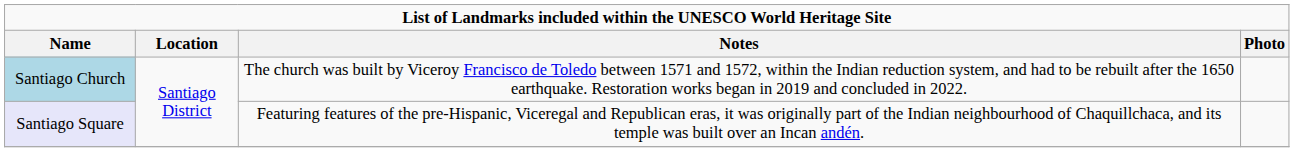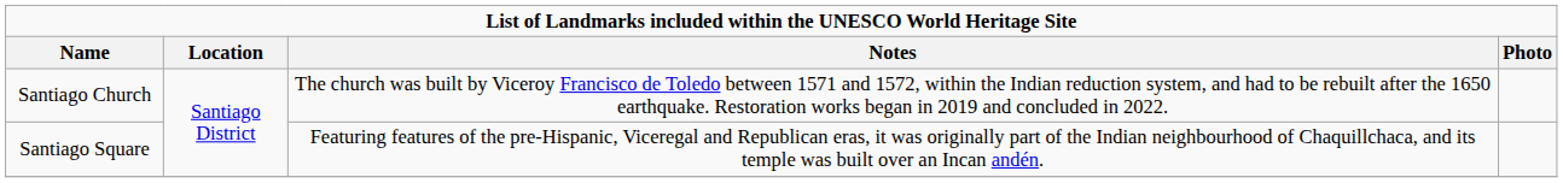 <table class="wikitable sortable mw-collapsible mw-collapsed" style="text-align:center" style="width:95%">
 <tr>
 <td colspan=4><div><strong>List of Landmarks included within the UNESCO World Heritage Site</strong></div></td>
 </tr>
 <tr>
 <th style="width:120px;">Name</th>
 <th>Location</th>
 <th>Notes</th>
 <th>Photo</th>
 </tr>
 <tr>
-<td style="background: lightblue;">Santiago Church</td>
+<td>Santiago Church</td>
 <td rowspan=2><a href='#'>Santiago District</a></td>
 <td>The church was built by Viceroy <a href='#'>Francisco de Toledo</a> between 1571 and 1572, within the Indian reduction system, and had to be rebuilt after the 1650 earthquake. Restoration works began in 2019 and concluded in 2022.</td>
 <td></td>
 </tr>
 <tr>
-<td style="background: lavender;">Santiago Square</td>
+<td>Santiago Square</td>
 <td>Featuring features of the pre-Hispanic, Viceregal and Republican eras, it was originally part of the Indian neighbourhood of Chaquillchaca, and its temple was built over an Incan <a href='#'>andén</a>.</td>
 <td></td>
 </tr>
 <tr>
 </tr>
 </table>
